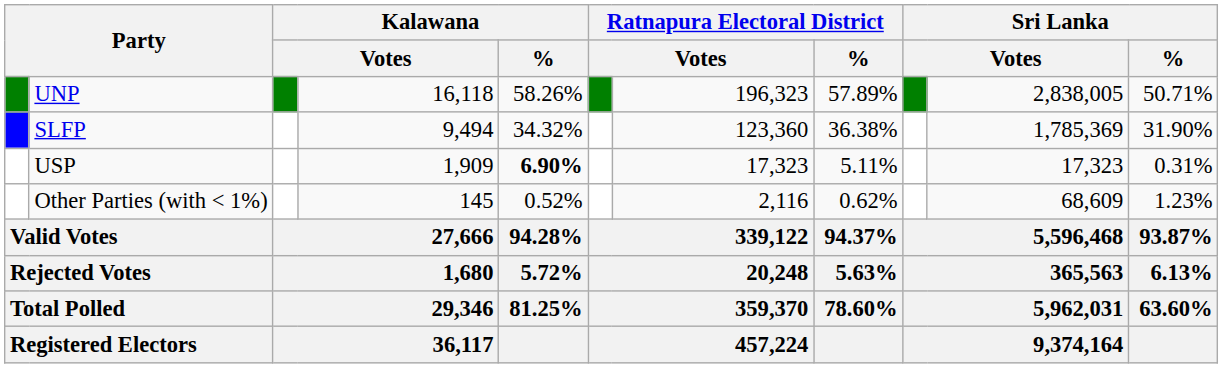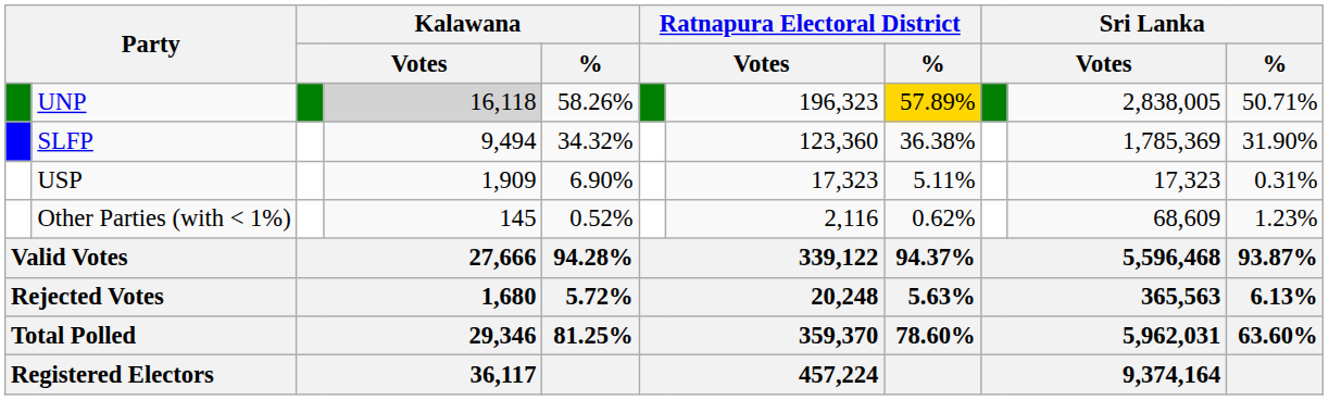 <table class="wikitable">
 <tr>
 <th colspan="2" width="144px"rowspan="2">Party</th>
 <th colspan="3" width="216px">Kalawana</th>
 <th colspan="3" width="216px"><a href='#'>Ratnapura Electoral District</a></th>
 <th colspan="3" width="216px">Sri Lanka</th>
 </tr>
 <tr>
 <th colspan="2" width="144px">Votes</th>
 <th>%</th>
 <th colspan="2" width="144px">Votes</th>
 <th>%</th>
 <th colspan="2" width="144px">Votes</th>
 <th>%</th>
 </tr>
 <tr>
 <td style="background-color:green;" width="10px"></td>
 <td style="text-align:left;"><a href='#'>UNP</a></td>
 <td style="background-color:green;" width="10px"></td>
-<td style="text-align:right;">16,118</td>
+<td style="background: lightgrey; text-align:right;">16,118</td>
 <td style="text-align:right;">58.26%</td>
 <td style="background-color:green;" width="10px"></td>
 <td style="text-align:right;">196,323</td>
-<td style="text-align:right;">57.89%</td>
+<td style="background: gold; text-align:right;">57.89%</td>
 <td style="background-color:green;" width="10px"></td>
 <td style="text-align:right;">2,838,005</td>
 <td style="text-align:right;">50.71%</td>
 </tr>
 <tr>
 <td style="background-color:blue;" width="10px"></td>
 <td style="text-align:left;"><a href='#'>SLFP</a></td>
 <td style="background-color:white;" width="10px"></td>
 <td style="text-align:right;">9,494</td>
 <td style="text-align:right;">34.32%</td>
 <td style="background-color:white;" width="10px"></td>
 <td style="text-align:right;">123,360</td>
 <td style="text-align:right;">36.38%</td>
 <td style="background-color:white;" width="10px"></td>
 <td style="text-align:right;">1,785,369</td>
 <td style="text-align:right;">31.90%</td>
 </tr>
 <tr>
 <td style="background-color:white;" width="10px"></td>
 <td style="text-align:left;">USP</td>
 <td style="background-color:white;" width="10px"></td>
 <td style="text-align:right;">1,909</td>
-<td style="text-align:right;"><strong>6.90%</strong></td>
+<td style="text-align:right;">6.90%</td>
 <td style="background-color:white;" width="10px"></td>
 <td style="text-align:right;">17,323</td>
 <td style="text-align:right;">5.11%</td>
 <td style="background-color:white;" width="10px"></td>
 <td style="text-align:right;">17,323</td>
 <td style="text-align:right;">0.31%</td>
 </tr>
 <tr>
 <td style="background-color:white;" width="10px"></td>
 <td style="text-align:left;">Other Parties (with < 1%)</td>
 <td style="background-color:white;" width="10px"></td>
 <td style="text-align:right;">145</td>
 <td style="text-align:right;">0.52%</td>
 <td style="background-color:white;" width="10px"></td>
 <td style="text-align:right;">2,116</td>
 <td style="text-align:right;">0.62%</td>
 <td style="background-color:white;" width="10px"></td>
 <td style="text-align:right;">68,609</td>
 <td style="text-align:right;">1.23%</td>
 </tr>
 <tr>
 <th colspan="2" width="144px"style="text-align:left;">Valid Votes</th>
 <th style="text-align:right;"colspan="2" width="144px">27,666</th>
 <th style="text-align:right;">94.28%</th>
 <th style="text-align:right;"colspan="2" width="144px">339,122</th>
 <th style="text-align:right;">94.37%</th>
 <th style="text-align:right;"colspan="2" width="144px">5,596,468</th>
 <th style="text-align:right;">93.87%</th>
 </tr>
 <tr>
 <th colspan="2" width="144px"style="text-align:left;">Rejected Votes</th>
 <th style="text-align:right;"colspan="2" width="144px">1,680</th>
 <th style="text-align:right;">5.72%</th>
 <th style="text-align:right;"colspan="2" width="144px">20,248</th>
 <th style="text-align:right;">5.63%</th>
 <th style="text-align:right;"colspan="2" width="144px">365,563</th>
 <th style="text-align:right;">6.13%</th>
 </tr>
 <tr>
 <th colspan="2" width="144px"style="text-align:left;">Total Polled</th>
 <th style="text-align:right;"colspan="2" width="144px">29,346</th>
 <th style="text-align:right;">81.25%</th>
 <th style="text-align:right;"colspan="2" width="144px">359,370</th>
 <th style="text-align:right;">78.60%</th>
 <th style="text-align:right;"colspan="2" width="144px">5,962,031</th>
 <th style="text-align:right;">63.60%</th>
 </tr>
 <tr>
 <th colspan="2" width="144px"style="text-align:left;">Registered Electors</th>
 <th style="text-align:right;"colspan="2" width="144px">36,117</th>
 <th></th>
 <th style="text-align:right;"colspan="2" width="144px">457,224</th>
 <th></th>
 <th style="text-align:right;"colspan="2" width="144px">9,374,164</th>
 <th></th>
 </tr>
 </table>
